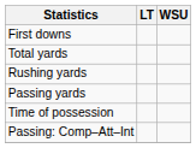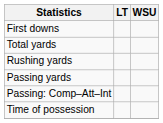 <table class="wikitable" style="float: left;">
 <tr>
 <th>Statistics</th>
 <th>LT</th>
 <th>WSU</th>
 </tr>
 <tr>
 <td>First downs</td>
 <td></td>
 <td></td>
 </tr>
 <tr>
 <td>Total yards</td>
 <td></td>
 <td></td>
 </tr>
 <tr>
 <td>Rushing yards</td>
 <td></td>
 <td></td>
 </tr>
 <tr>
 <td>Passing yards</td>
 <td></td>
 <td></td>
 </tr>
 <tr>
-<td>Time of possession</td>
+<td>Passing: Comp–Att–Int</td>
 <td></td>
 <td></td>
 </tr>
 <tr>
-<td>Passing: Comp–Att–Int</td>
+<td>Time of possession</td>
 <td></td>
 <td></td>
 </tr>
 <tr>
 </tr>
 </table>
